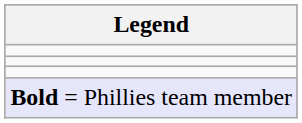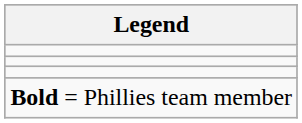 <table class="wikitable" style="font-size:90%">
 <tr>
 <th>Legend</th>
 </tr>
 <tr>
 <td></td>
 </tr>
 <tr>
 <td></td>
 </tr>
 <tr>
 <td></td>
 </tr>
 <tr>
-<td style="background: lavender;"><strong>Bold</strong> = Phillies team member</td>
+<td><strong>Bold</strong> = Phillies team member</td>
 </tr>
 </table>
